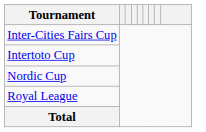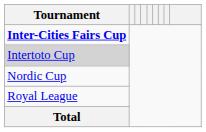 <table class="wikitable" style="text-align: center; font-size: 97%;">
 <tr>
 <th>Tournament</th>
 <th scope=col></th>
 <th scope=col></th>
 <th scope=col></th>
 <th scope=col></th>
 <th scope=col></th>
 <th scope=col></th>
 <th scope=col></th>
 <th style="width:2em"></th>
 </tr>
 <tr>
-<td align=left><a href='#'>Inter-Cities Fairs Cup</a><br></td>
+<td align=left><strong><a href='#'>Inter-Cities Fairs Cup</a><br></strong></td>
 </tr>
 <tr>
-<td align=left><a href='#'>Intertoto Cup</a><br></td>
+<td align=left style="background: lightgrey;"><a href='#'>Intertoto Cup</a><br></td>
 </tr>
 <tr>
 <td align=left><a href='#'>Nordic Cup</a><br></td>
 </tr>
 <tr>
 <td align=left><a href='#'>Royal League</a><br></td>
 </tr>
 <tr class=sortbottom>
 <th><strong>Total</strong><br></th>
 </tr>
 </table>
